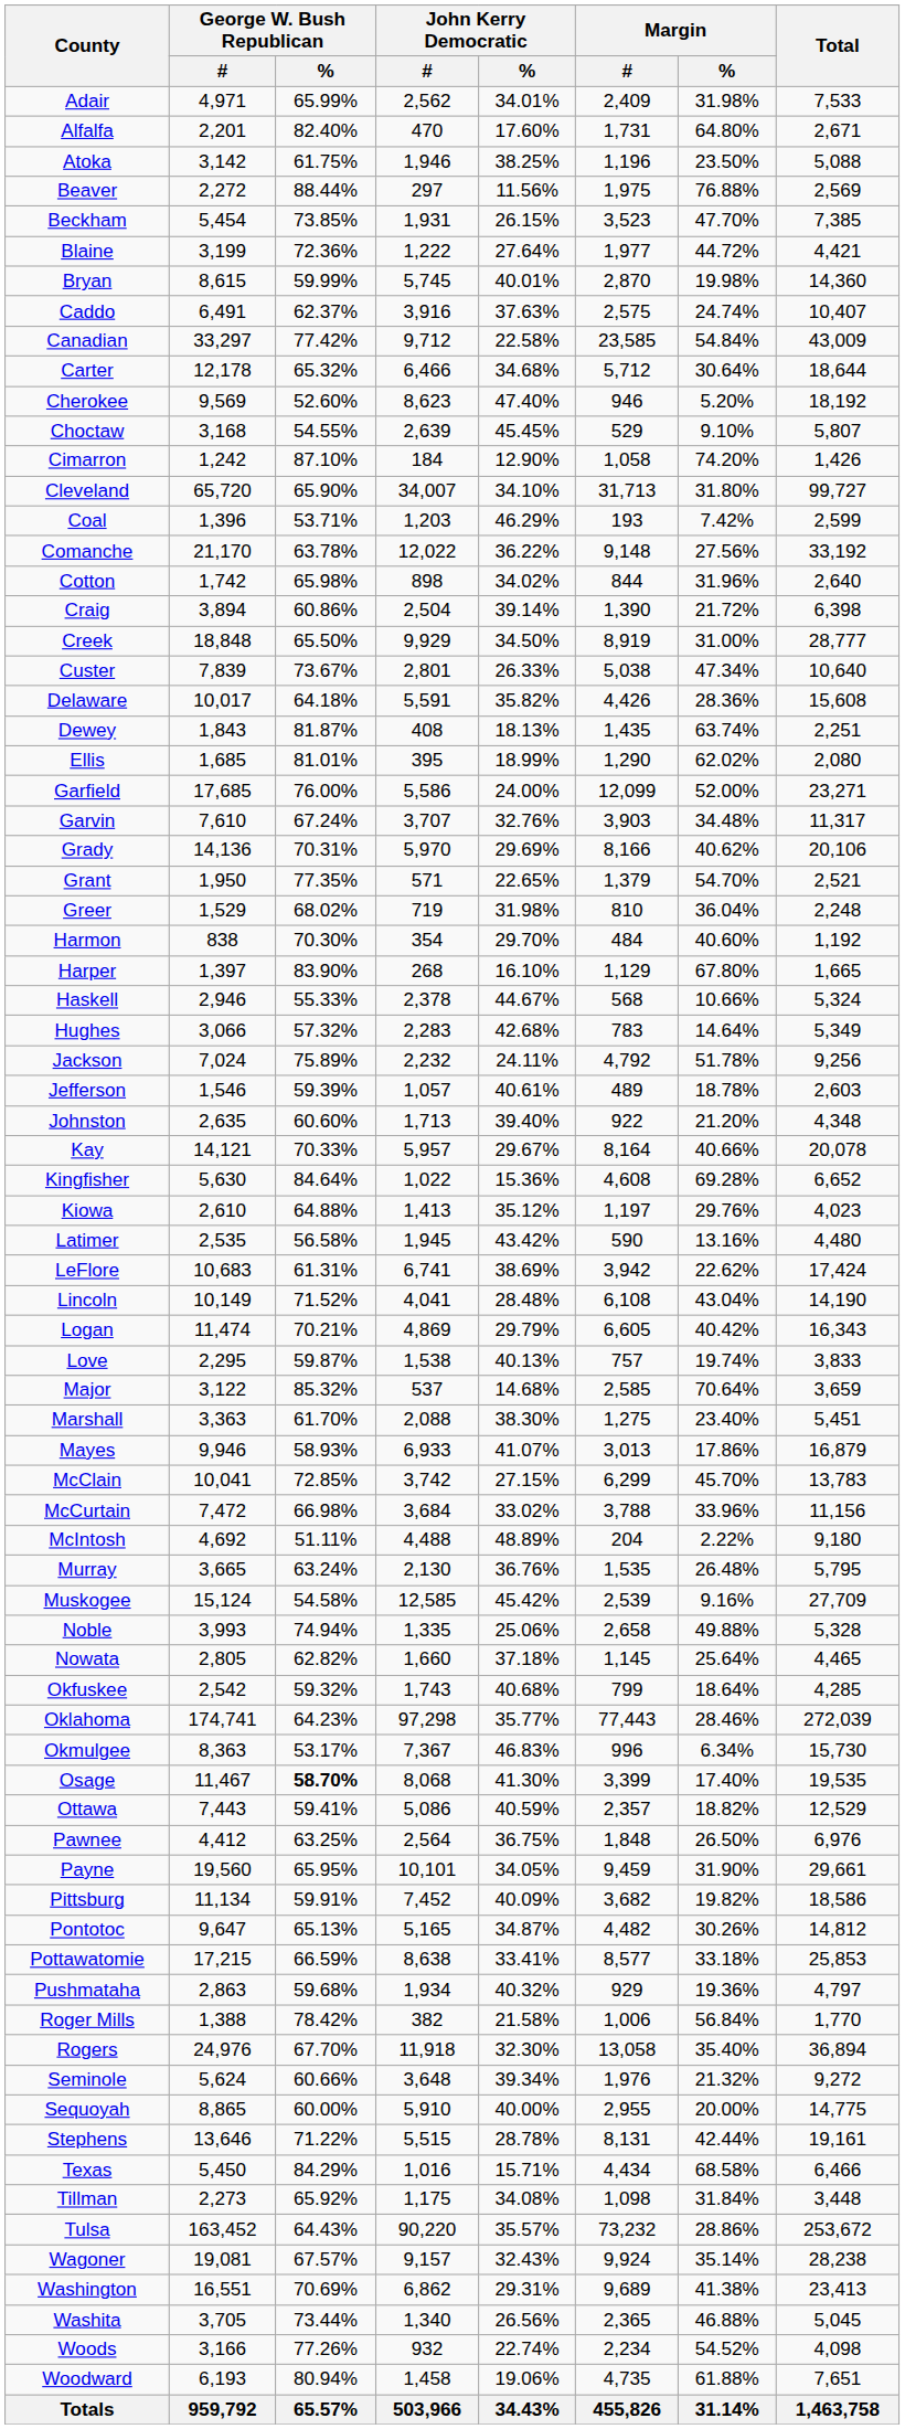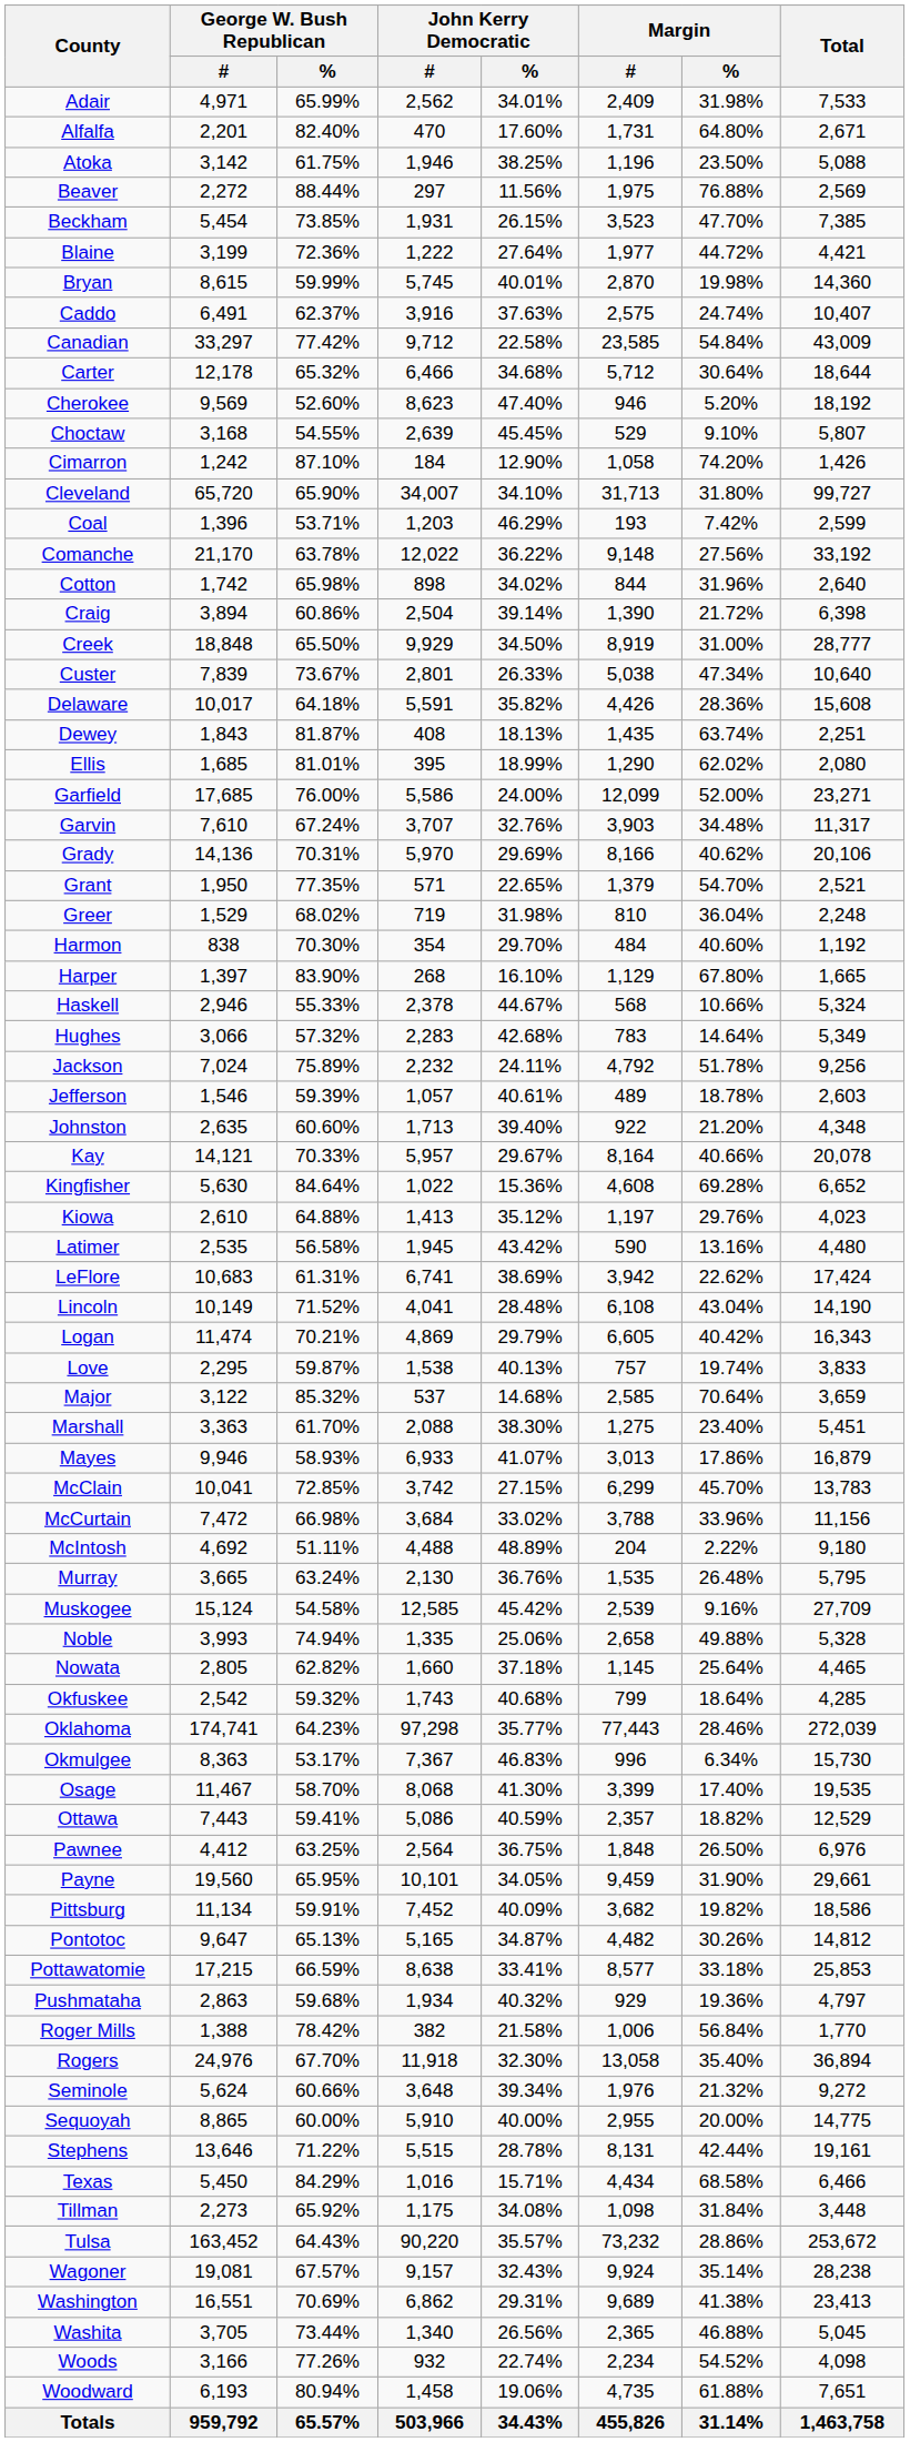 <table width="60%" class="wikitable sortable">
 <tr>
 <th rowspan="2">County</th>
 <th colspan="2">George W. Bush<br>Republican</th>
 <th colspan="2">John Kerry<br>Democratic</th>
 <th colspan="2">Margin</th>
 <th rowspan="2">Total</th>
 </tr>
 <tr>
 <th style="text-align:center;" data-sort-type="number">#</th>
 <th style="text-align:center;" data-sort-type="number">%</th>
 <th style="text-align:center;" data-sort-type="number">#</th>
 <th style="text-align:center;" data-sort-type="number">%</th>
 <th style="text-align:center;" data-sort-type="number">#</th>
 <th style="text-align:center;" data-sort-type="number">%</th>
 </tr>
 <tr style="text-align:center;">
 <td><a href='#'>Adair</a></td>
 <td>4,971</td>
 <td>65.99%</td>
 <td>2,562</td>
 <td>34.01%</td>
 <td>2,409</td>
 <td>31.98%</td>
 <td>7,533</td>
 </tr>
 <tr style="text-align:center;">
 <td><a href='#'>Alfalfa</a></td>
 <td>2,201</td>
 <td>82.40%</td>
 <td>470</td>
 <td>17.60%</td>
 <td>1,731</td>
 <td>64.80%</td>
 <td>2,671</td>
 </tr>
 <tr style="text-align:center;">
 <td><a href='#'>Atoka</a></td>
 <td>3,142</td>
 <td>61.75%</td>
 <td>1,946</td>
 <td>38.25%</td>
 <td>1,196</td>
 <td>23.50%</td>
 <td>5,088</td>
 </tr>
 <tr style="text-align:center;">
 <td><a href='#'>Beaver</a></td>
 <td>2,272</td>
 <td>88.44%</td>
 <td>297</td>
 <td>11.56%</td>
 <td>1,975</td>
 <td>76.88%</td>
 <td>2,569</td>
 </tr>
 <tr style="text-align:center;">
 <td><a href='#'>Beckham</a></td>
 <td>5,454</td>
 <td>73.85%</td>
 <td>1,931</td>
 <td>26.15%</td>
 <td>3,523</td>
 <td>47.70%</td>
 <td>7,385</td>
 </tr>
 <tr style="text-align:center;">
 <td><a href='#'>Blaine</a></td>
 <td>3,199</td>
 <td>72.36%</td>
 <td>1,222</td>
 <td>27.64%</td>
 <td>1,977</td>
 <td>44.72%</td>
 <td>4,421</td>
 </tr>
 <tr style="text-align:center;">
 <td><a href='#'>Bryan</a></td>
 <td>8,615</td>
 <td>59.99%</td>
 <td>5,745</td>
 <td>40.01%</td>
 <td>2,870</td>
 <td>19.98%</td>
 <td>14,360</td>
 </tr>
 <tr style="text-align:center;">
 <td><a href='#'>Caddo</a></td>
 <td>6,491</td>
 <td>62.37%</td>
 <td>3,916</td>
 <td>37.63%</td>
 <td>2,575</td>
 <td>24.74%</td>
 <td>10,407</td>
 </tr>
 <tr style="text-align:center;">
 <td><a href='#'>Canadian</a></td>
 <td>33,297</td>
 <td>77.42%</td>
 <td>9,712</td>
 <td>22.58%</td>
 <td>23,585</td>
 <td>54.84%</td>
 <td>43,009</td>
 </tr>
 <tr style="text-align:center;">
 <td><a href='#'>Carter</a></td>
 <td>12,178</td>
 <td>65.32%</td>
 <td>6,466</td>
 <td>34.68%</td>
 <td>5,712</td>
 <td>30.64%</td>
 <td>18,644</td>
 </tr>
 <tr style="text-align:center;">
 <td><a href='#'>Cherokee</a></td>
 <td>9,569</td>
 <td>52.60%</td>
 <td>8,623</td>
 <td>47.40%</td>
 <td>946</td>
 <td>5.20%</td>
 <td>18,192</td>
 </tr>
 <tr style="text-align:center;">
 <td><a href='#'>Choctaw</a></td>
 <td>3,168</td>
 <td>54.55%</td>
 <td>2,639</td>
 <td>45.45%</td>
 <td>529</td>
 <td>9.10%</td>
 <td>5,807</td>
 </tr>
 <tr style="text-align:center;">
 <td><a href='#'>Cimarron</a></td>
 <td>1,242</td>
 <td>87.10%</td>
 <td>184</td>
 <td>12.90%</td>
 <td>1,058</td>
 <td>74.20%</td>
 <td>1,426</td>
 </tr>
 <tr style="text-align:center;">
 <td><a href='#'>Cleveland</a></td>
 <td>65,720</td>
 <td>65.90%</td>
 <td>34,007</td>
 <td>34.10%</td>
 <td>31,713</td>
 <td>31.80%</td>
 <td>99,727</td>
 </tr>
 <tr style="text-align:center;">
 <td><a href='#'>Coal</a></td>
 <td>1,396</td>
 <td>53.71%</td>
 <td>1,203</td>
 <td>46.29%</td>
 <td>193</td>
 <td>7.42%</td>
 <td>2,599</td>
 </tr>
 <tr style="text-align:center;">
 <td><a href='#'>Comanche</a></td>
 <td>21,170</td>
 <td>63.78%</td>
 <td>12,022</td>
 <td>36.22%</td>
 <td>9,148</td>
 <td>27.56%</td>
 <td>33,192</td>
 </tr>
 <tr style="text-align:center;">
 <td><a href='#'>Cotton</a></td>
 <td>1,742</td>
 <td>65.98%</td>
 <td>898</td>
 <td>34.02%</td>
 <td>844</td>
 <td>31.96%</td>
 <td>2,640</td>
 </tr>
 <tr style="text-align:center;">
 <td><a href='#'>Craig</a></td>
 <td>3,894</td>
 <td>60.86%</td>
 <td>2,504</td>
 <td>39.14%</td>
 <td>1,390</td>
 <td>21.72%</td>
 <td>6,398</td>
 </tr>
 <tr style="text-align:center;">
 <td><a href='#'>Creek</a></td>
 <td>18,848</td>
 <td>65.50%</td>
 <td>9,929</td>
 <td>34.50%</td>
 <td>8,919</td>
 <td>31.00%</td>
 <td>28,777</td>
 </tr>
 <tr style="text-align:center;">
 <td><a href='#'>Custer</a></td>
 <td>7,839</td>
 <td>73.67%</td>
 <td>2,801</td>
 <td>26.33%</td>
 <td>5,038</td>
 <td>47.34%</td>
 <td>10,640</td>
 </tr>
 <tr style="text-align:center;">
 <td><a href='#'>Delaware</a></td>
 <td>10,017</td>
 <td>64.18%</td>
 <td>5,591</td>
 <td>35.82%</td>
 <td>4,426</td>
 <td>28.36%</td>
 <td>15,608</td>
 </tr>
 <tr style="text-align:center;">
 <td><a href='#'>Dewey</a></td>
 <td>1,843</td>
 <td>81.87%</td>
 <td>408</td>
 <td>18.13%</td>
 <td>1,435</td>
 <td>63.74%</td>
 <td>2,251</td>
 </tr>
 <tr style="text-align:center;">
 <td><a href='#'>Ellis</a></td>
 <td>1,685</td>
 <td>81.01%</td>
 <td>395</td>
 <td>18.99%</td>
 <td>1,290</td>
 <td>62.02%</td>
 <td>2,080</td>
 </tr>
 <tr style="text-align:center;">
 <td><a href='#'>Garfield</a></td>
 <td>17,685</td>
 <td>76.00%</td>
 <td>5,586</td>
 <td>24.00%</td>
 <td>12,099</td>
 <td>52.00%</td>
 <td>23,271</td>
 </tr>
 <tr style="text-align:center;">
 <td><a href='#'>Garvin</a></td>
 <td>7,610</td>
 <td>67.24%</td>
 <td>3,707</td>
 <td>32.76%</td>
 <td>3,903</td>
 <td>34.48%</td>
 <td>11,317</td>
 </tr>
 <tr style="text-align:center;">
 <td><a href='#'>Grady</a></td>
 <td>14,136</td>
 <td>70.31%</td>
 <td>5,970</td>
 <td>29.69%</td>
 <td>8,166</td>
 <td>40.62%</td>
 <td>20,106</td>
 </tr>
 <tr style="text-align:center;">
 <td><a href='#'>Grant</a></td>
 <td>1,950</td>
 <td>77.35%</td>
 <td>571</td>
 <td>22.65%</td>
 <td>1,379</td>
 <td>54.70%</td>
 <td>2,521</td>
 </tr>
 <tr style="text-align:center;">
 <td><a href='#'>Greer</a></td>
 <td>1,529</td>
 <td>68.02%</td>
 <td>719</td>
 <td>31.98%</td>
 <td>810</td>
 <td>36.04%</td>
 <td>2,248</td>
 </tr>
 <tr style="text-align:center;">
 <td><a href='#'>Harmon</a></td>
 <td>838</td>
 <td>70.30%</td>
 <td>354</td>
 <td>29.70%</td>
 <td>484</td>
 <td>40.60%</td>
 <td>1,192</td>
 </tr>
 <tr style="text-align:center;">
 <td><a href='#'>Harper</a></td>
 <td>1,397</td>
 <td>83.90%</td>
 <td>268</td>
 <td>16.10%</td>
 <td>1,129</td>
 <td>67.80%</td>
 <td>1,665</td>
 </tr>
 <tr style="text-align:center;">
 <td><a href='#'>Haskell</a></td>
 <td>2,946</td>
 <td>55.33%</td>
 <td>2,378</td>
 <td>44.67%</td>
 <td>568</td>
 <td>10.66%</td>
 <td>5,324</td>
 </tr>
 <tr style="text-align:center;">
 <td><a href='#'>Hughes</a></td>
 <td>3,066</td>
 <td>57.32%</td>
 <td>2,283</td>
 <td>42.68%</td>
 <td>783</td>
 <td>14.64%</td>
 <td>5,349</td>
 </tr>
 <tr style="text-align:center;">
 <td><a href='#'>Jackson</a></td>
 <td>7,024</td>
 <td>75.89%</td>
 <td>2,232</td>
 <td>24.11%</td>
 <td>4,792</td>
 <td>51.78%</td>
 <td>9,256</td>
 </tr>
 <tr style="text-align:center;">
 <td><a href='#'>Jefferson</a></td>
 <td>1,546</td>
 <td>59.39%</td>
 <td>1,057</td>
 <td>40.61%</td>
 <td>489</td>
 <td>18.78%</td>
 <td>2,603</td>
 </tr>
 <tr style="text-align:center;">
 <td><a href='#'>Johnston</a></td>
 <td>2,635</td>
 <td>60.60%</td>
 <td>1,713</td>
 <td>39.40%</td>
 <td>922</td>
 <td>21.20%</td>
 <td>4,348</td>
 </tr>
 <tr style="text-align:center;">
 <td><a href='#'>Kay</a></td>
 <td>14,121</td>
 <td>70.33%</td>
 <td>5,957</td>
 <td>29.67%</td>
 <td>8,164</td>
 <td>40.66%</td>
 <td>20,078</td>
 </tr>
 <tr style="text-align:center;">
 <td><a href='#'>Kingfisher</a></td>
 <td>5,630</td>
 <td>84.64%</td>
 <td>1,022</td>
 <td>15.36%</td>
 <td>4,608</td>
 <td>69.28%</td>
 <td>6,652</td>
 </tr>
 <tr style="text-align:center;">
 <td><a href='#'>Kiowa</a></td>
 <td>2,610</td>
 <td>64.88%</td>
 <td>1,413</td>
 <td>35.12%</td>
 <td>1,197</td>
 <td>29.76%</td>
 <td>4,023</td>
 </tr>
 <tr style="text-align:center;">
 <td><a href='#'>Latimer</a></td>
 <td>2,535</td>
 <td>56.58%</td>
 <td>1,945</td>
 <td>43.42%</td>
 <td>590</td>
 <td>13.16%</td>
 <td>4,480</td>
 </tr>
 <tr style="text-align:center;">
 <td><a href='#'>LeFlore</a></td>
 <td>10,683</td>
 <td>61.31%</td>
 <td>6,741</td>
 <td>38.69%</td>
 <td>3,942</td>
 <td>22.62%</td>
 <td>17,424</td>
 </tr>
 <tr style="text-align:center;">
 <td><a href='#'>Lincoln</a></td>
 <td>10,149</td>
 <td>71.52%</td>
 <td>4,041</td>
 <td>28.48%</td>
 <td>6,108</td>
 <td>43.04%</td>
 <td>14,190</td>
 </tr>
 <tr style="text-align:center;">
 <td><a href='#'>Logan</a></td>
 <td>11,474</td>
 <td>70.21%</td>
 <td>4,869</td>
 <td>29.79%</td>
 <td>6,605</td>
 <td>40.42%</td>
 <td>16,343</td>
 </tr>
 <tr style="text-align:center;">
 <td><a href='#'>Love</a></td>
 <td>2,295</td>
 <td>59.87%</td>
 <td>1,538</td>
 <td>40.13%</td>
 <td>757</td>
 <td>19.74%</td>
 <td>3,833</td>
 </tr>
 <tr style="text-align:center;">
 <td><a href='#'>Major</a></td>
 <td>3,122</td>
 <td>85.32%</td>
 <td>537</td>
 <td>14.68%</td>
 <td>2,585</td>
 <td>70.64%</td>
 <td>3,659</td>
 </tr>
 <tr style="text-align:center;">
 <td><a href='#'>Marshall</a></td>
 <td>3,363</td>
 <td>61.70%</td>
 <td>2,088</td>
 <td>38.30%</td>
 <td>1,275</td>
 <td>23.40%</td>
 <td>5,451</td>
 </tr>
 <tr style="text-align:center;">
 <td><a href='#'>Mayes</a></td>
 <td>9,946</td>
 <td>58.93%</td>
 <td>6,933</td>
 <td>41.07%</td>
 <td>3,013</td>
 <td>17.86%</td>
 <td>16,879</td>
 </tr>
 <tr style="text-align:center;">
 <td><a href='#'>McClain</a></td>
 <td>10,041</td>
 <td>72.85%</td>
 <td>3,742</td>
 <td>27.15%</td>
 <td>6,299</td>
 <td>45.70%</td>
 <td>13,783</td>
 </tr>
 <tr style="text-align:center;">
 <td><a href='#'>McCurtain</a></td>
 <td>7,472</td>
 <td>66.98%</td>
 <td>3,684</td>
 <td>33.02%</td>
 <td>3,788</td>
 <td>33.96%</td>
 <td>11,156</td>
 </tr>
 <tr style="text-align:center;">
 <td><a href='#'>McIntosh</a></td>
 <td>4,692</td>
 <td>51.11%</td>
 <td>4,488</td>
 <td>48.89%</td>
 <td>204</td>
 <td>2.22%</td>
 <td>9,180</td>
 </tr>
 <tr style="text-align:center;">
 <td><a href='#'>Murray</a></td>
 <td>3,665</td>
 <td>63.24%</td>
 <td>2,130</td>
 <td>36.76%</td>
 <td>1,535</td>
 <td>26.48%</td>
 <td>5,795</td>
 </tr>
 <tr style="text-align:center;">
 <td><a href='#'>Muskogee</a></td>
 <td>15,124</td>
 <td>54.58%</td>
 <td>12,585</td>
 <td>45.42%</td>
 <td>2,539</td>
 <td>9.16%</td>
 <td>27,709</td>
 </tr>
 <tr style="text-align:center;">
 <td><a href='#'>Noble</a></td>
 <td>3,993</td>
 <td>74.94%</td>
 <td>1,335</td>
 <td>25.06%</td>
 <td>2,658</td>
 <td>49.88%</td>
 <td>5,328</td>
 </tr>
 <tr style="text-align:center;">
 <td><a href='#'>Nowata</a></td>
 <td>2,805</td>
 <td>62.82%</td>
 <td>1,660</td>
 <td>37.18%</td>
 <td>1,145</td>
 <td>25.64%</td>
 <td>4,465</td>
 </tr>
 <tr style="text-align:center;">
 <td><a href='#'>Okfuskee</a></td>
 <td>2,542</td>
 <td>59.32%</td>
 <td>1,743</td>
 <td>40.68%</td>
 <td>799</td>
 <td>18.64%</td>
 <td>4,285</td>
 </tr>
 <tr style="text-align:center;">
 <td><a href='#'>Oklahoma</a></td>
 <td>174,741</td>
 <td>64.23%</td>
 <td>97,298</td>
 <td>35.77%</td>
 <td>77,443</td>
 <td>28.46%</td>
 <td>272,039</td>
 </tr>
 <tr style="text-align:center;">
 <td><a href='#'>Okmulgee</a></td>
 <td>8,363</td>
 <td>53.17%</td>
 <td>7,367</td>
 <td>46.83%</td>
 <td>996</td>
 <td>6.34%</td>
 <td>15,730</td>
 </tr>
 <tr style="text-align:center;">
 <td><a href='#'>Osage</a></td>
 <td>11,467</td>
-<td><strong>58.70%</strong></td>
+<td>58.70%</td>
 <td>8,068</td>
 <td>41.30%</td>
 <td>3,399</td>
 <td>17.40%</td>
 <td>19,535</td>
 </tr>
 <tr style="text-align:center;">
 <td><a href='#'>Ottawa</a></td>
 <td>7,443</td>
 <td>59.41%</td>
 <td>5,086</td>
 <td>40.59%</td>
 <td>2,357</td>
 <td>18.82%</td>
 <td>12,529</td>
 </tr>
 <tr style="text-align:center;">
 <td><a href='#'>Pawnee</a></td>
 <td>4,412</td>
 <td>63.25%</td>
 <td>2,564</td>
 <td>36.75%</td>
 <td>1,848</td>
 <td>26.50%</td>
 <td>6,976</td>
 </tr>
 <tr style="text-align:center;">
 <td><a href='#'>Payne</a></td>
 <td>19,560</td>
 <td>65.95%</td>
 <td>10,101</td>
 <td>34.05%</td>
 <td>9,459</td>
 <td>31.90%</td>
 <td>29,661</td>
 </tr>
 <tr style="text-align:center;">
 <td><a href='#'>Pittsburg</a></td>
 <td>11,134</td>
 <td>59.91%</td>
 <td>7,452</td>
 <td>40.09%</td>
 <td>3,682</td>
 <td>19.82%</td>
 <td>18,586</td>
 </tr>
 <tr style="text-align:center;">
 <td><a href='#'>Pontotoc</a></td>
 <td>9,647</td>
 <td>65.13%</td>
 <td>5,165</td>
 <td>34.87%</td>
 <td>4,482</td>
 <td>30.26%</td>
 <td>14,812</td>
 </tr>
 <tr style="text-align:center;">
 <td><a href='#'>Pottawatomie</a></td>
 <td>17,215</td>
 <td>66.59%</td>
 <td>8,638</td>
 <td>33.41%</td>
 <td>8,577</td>
 <td>33.18%</td>
 <td>25,853</td>
 </tr>
 <tr style="text-align:center;">
 <td><a href='#'>Pushmataha</a></td>
 <td>2,863</td>
 <td>59.68%</td>
 <td>1,934</td>
 <td>40.32%</td>
 <td>929</td>
 <td>19.36%</td>
 <td>4,797</td>
 </tr>
 <tr style="text-align:center;">
 <td><a href='#'>Roger Mills</a></td>
 <td>1,388</td>
 <td>78.42%</td>
 <td>382</td>
 <td>21.58%</td>
 <td>1,006</td>
 <td>56.84%</td>
 <td>1,770</td>
 </tr>
 <tr style="text-align:center;">
 <td><a href='#'>Rogers</a></td>
 <td>24,976</td>
 <td>67.70%</td>
 <td>11,918</td>
 <td>32.30%</td>
 <td>13,058</td>
 <td>35.40%</td>
 <td>36,894</td>
 </tr>
 <tr style="text-align:center;">
 <td><a href='#'>Seminole</a></td>
 <td>5,624</td>
 <td>60.66%</td>
 <td>3,648</td>
 <td>39.34%</td>
 <td>1,976</td>
 <td>21.32%</td>
 <td>9,272</td>
 </tr>
 <tr style="text-align:center;">
 <td><a href='#'>Sequoyah</a></td>
 <td>8,865</td>
 <td>60.00%</td>
 <td>5,910</td>
 <td>40.00%</td>
 <td>2,955</td>
 <td>20.00%</td>
 <td>14,775</td>
 </tr>
 <tr style="text-align:center;">
 <td><a href='#'>Stephens</a></td>
 <td>13,646</td>
 <td>71.22%</td>
 <td>5,515</td>
 <td>28.78%</td>
 <td>8,131</td>
 <td>42.44%</td>
 <td>19,161</td>
 </tr>
 <tr style="text-align:center;">
 <td><a href='#'>Texas</a></td>
 <td>5,450</td>
 <td>84.29%</td>
 <td>1,016</td>
 <td>15.71%</td>
 <td>4,434</td>
 <td>68.58%</td>
 <td>6,466</td>
 </tr>
 <tr style="text-align:center;">
 <td><a href='#'>Tillman</a></td>
 <td>2,273</td>
 <td>65.92%</td>
 <td>1,175</td>
 <td>34.08%</td>
 <td>1,098</td>
 <td>31.84%</td>
 <td>3,448</td>
 </tr>
 <tr style="text-align:center;">
 <td><a href='#'>Tulsa</a></td>
 <td>163,452</td>
 <td>64.43%</td>
 <td>90,220</td>
 <td>35.57%</td>
 <td>73,232</td>
 <td>28.86%</td>
 <td>253,672</td>
 </tr>
 <tr style="text-align:center;">
 <td><a href='#'>Wagoner</a></td>
 <td>19,081</td>
 <td>67.57%</td>
 <td>9,157</td>
 <td>32.43%</td>
 <td>9,924</td>
 <td>35.14%</td>
 <td>28,238</td>
 </tr>
 <tr style="text-align:center;">
 <td><a href='#'>Washington</a></td>
 <td>16,551</td>
 <td>70.69%</td>
 <td>6,862</td>
 <td>29.31%</td>
 <td>9,689</td>
 <td>41.38%</td>
 <td>23,413</td>
 </tr>
 <tr style="text-align:center;">
 <td><a href='#'>Washita</a></td>
 <td>3,705</td>
 <td>73.44%</td>
 <td>1,340</td>
 <td>26.56%</td>
 <td>2,365</td>
 <td>46.88%</td>
 <td>5,045</td>
 </tr>
 <tr style="text-align:center;">
 <td><a href='#'>Woods</a></td>
 <td>3,166</td>
 <td>77.26%</td>
 <td>932</td>
 <td>22.74%</td>
 <td>2,234</td>
 <td>54.52%</td>
 <td>4,098</td>
 </tr>
 <tr style="text-align:center;">
 <td><a href='#'>Woodward</a></td>
 <td>6,193</td>
 <td>80.94%</td>
 <td>1,458</td>
 <td>19.06%</td>
 <td>4,735</td>
 <td>61.88%</td>
 <td>7,651</td>
 </tr>
 <tr>
 <th>Totals</th>
 <th>959,792</th>
 <th>65.57%</th>
 <th>503,966</th>
 <th>34.43%</th>
 <th>455,826</th>
 <th>31.14%</th>
 <th>1,463,758</th>
 </tr>
 </table>
